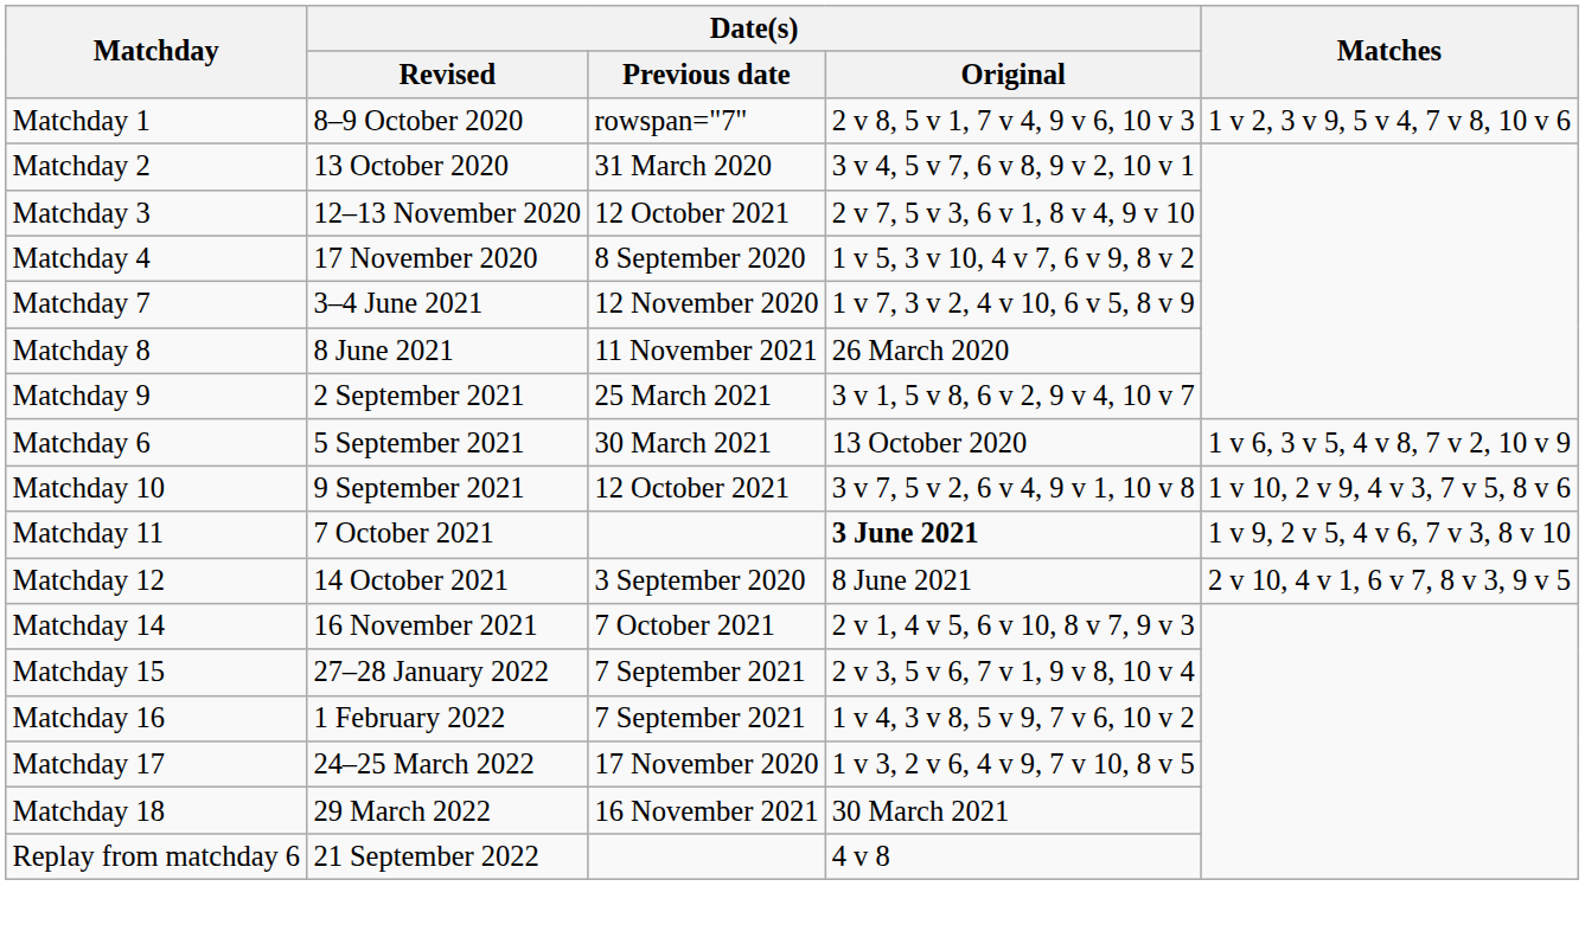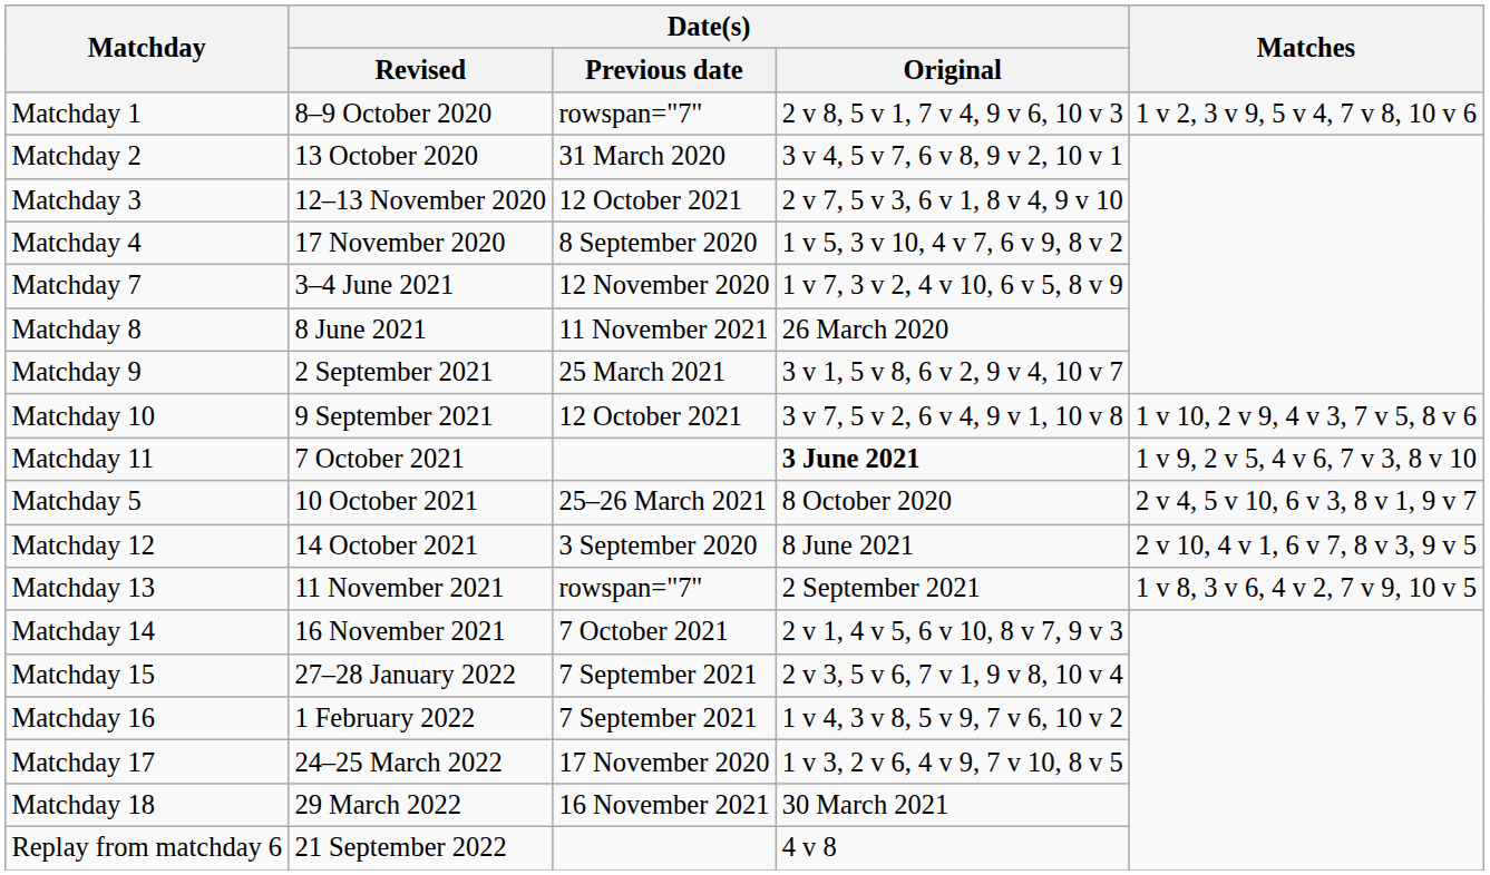 <table class="wikitable sortable">
 <tr>
 <th rowspan=2>Matchday</th>
 <th colspan="3">Date(s)</th>
 <th rowspan=2 class="unsortable">Matches</th>
 </tr>
 <tr>
 <th>Revised</th>
 <th>Previous date</th>
 <th>Original</th>
 </tr>
 <tr>
 <td>Matchday 1</td>
 <td>8–9 October 2020</td>
 <td>rowspan="7" </td>
 <td>2 v 8, 5 v 1, 7 v 4, 9 v 6, 10 v 3</td>
 <td>1 v 2, 3 v 9, 5 v 4, 7 v 8, 10 v 6</td>
 </tr>
 <tr>
 <td>Matchday 2</td>
 <td>13 October 2020</td>
 <td>31 March 2020</td>
 <td>3 v 4, 5 v 7, 6 v 8, 9 v 2, 10 v 1</td>
 </tr>
 <tr>
 <td>Matchday 3</td>
 <td>12–13 November 2020</td>
 <td>12 October 2021</td>
 <td>2 v 7, 5 v 3, 6 v 1, 8 v 4, 9 v 10</td>
 </tr>
 <tr>
 <td>Matchday 4</td>
 <td>17 November 2020</td>
 <td>8 September 2020</td>
 <td>1 v 5, 3 v 10, 4 v 7, 6 v 9, 8 v 2</td>
 </tr>
 <tr>
 <td>Matchday 7</td>
 <td>3–4 June 2021</td>
 <td>12 November 2020</td>
 <td>1 v 7, 3 v 2, 4 v 10, 6 v 5, 8 v 9</td>
 </tr>
 <tr>
 <td>Matchday 8</td>
 <td>8 June 2021</td>
 <td>11 November 2021</td>
 <td>26 March 2020</td>
 </tr>
 <tr>
 <td>Matchday 9</td>
 <td>2 September 2021</td>
 <td>25 March 2021</td>
 <td>3 v 1, 5 v 8, 6 v 2, 9 v 4, 10 v 7</td>
 </tr>
 <tr>
-<td>Matchday 6</td>
-<td>5 September 2021</td>
-<td>30 March 2021</td>
-<td>13 October 2020</td>
-<td>1 v 6, 3 v 5, 4 v 8, 7 v 2, 10 v 9</td>
-</tr>
-<tr>
 <td>Matchday 10</td>
 <td>9 September 2021</td>
 <td>12 October 2021</td>
 <td>3 v 7, 5 v 2, 6 v 4, 9 v 1, 10 v 8</td>
 <td>1 v 10, 2 v 9, 4 v 3, 7 v 5, 8 v 6</td>
 </tr>
 <tr>
 <td>Matchday 11</td>
 <td>7 October 2021</td>
 <td></td>
 <td><strong>3 June 2021</strong></td>
 <td>1 v 9, 2 v 5, 4 v 6, 7 v 3, 8 v 10</td>
 </tr>
 <tr>
+<td>Matchday 5</td>
+<td>10 October 2021</td>
+<td>25–26 March 2021</td>
+<td>8 October 2020</td>
+<td>2 v 4, 5 v 10, 6 v 3, 8 v 1, 9 v 7</td>
+</tr>
+<tr>
 <td>Matchday 12</td>
 <td>14 October 2021</td>
 <td>3 September 2020</td>
 <td>8 June 2021</td>
 <td>2 v 10, 4 v 1, 6 v 7, 8 v 3, 9 v 5</td>
+</tr>
+<tr>
+<td>Matchday 13</td>
+<td>11 November 2021</td>
+<td>rowspan="7" </td>
+<td>2 September 2021</td>
+<td>1 v 8, 3 v 6, 4 v 2, 7 v 9, 10 v 5</td>
 </tr>
 <tr>
 <td>Matchday 14</td>
 <td>16 November 2021</td>
 <td>7 October 2021</td>
 <td>2 v 1, 4 v 5, 6 v 10, 8 v 7, 9 v 3</td>
 </tr>
 <tr>
 <td>Matchday 15</td>
 <td>27–28 January 2022</td>
 <td>7 September 2021</td>
 <td>2 v 3, 5 v 6, 7 v 1, 9 v 8, 10 v 4</td>
 </tr>
 <tr>
 <td>Matchday 16</td>
 <td>1 February 2022</td>
 <td>7 September 2021</td>
 <td>1 v 4, 3 v 8, 5 v 9, 7 v 6, 10 v 2</td>
 </tr>
 <tr>
 <td>Matchday 17</td>
 <td>24–25 March 2022</td>
 <td>17 November 2020</td>
 <td>1 v 3, 2 v 6, 4 v 9, 7 v 10, 8 v 5</td>
 </tr>
 <tr>
 <td>Matchday 18</td>
 <td>29 March 2022</td>
 <td>16 November 2021</td>
 <td>30 March 2021</td>
 </tr>
 <tr>
 <td>Replay from matchday 6</td>
 <td>21 September 2022</td>
 <td></td>
 <td>4 v 8</td>
 </tr>
 </table>
